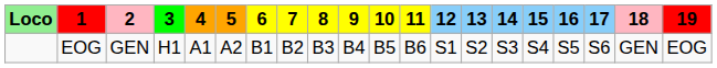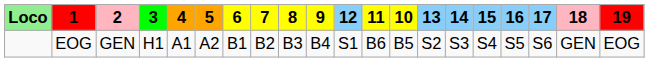 <table class="wikitable plainrowheaders unsortable" style="text-align:center">
 <tr>
 <th scope="col" rowspan="1" style="background:lightgreen;">Loco</th>
 <th scope="col" rowspan="1" style="background:red;">1</th>
 <th scope="col" rowspan="1" style="background:lightpink;">2</th>
 <th scope="col" rowspan="1" style="background:lime;">3</th>
 <th scope="col" rowspan="1" style="background:orange;">4</th>
 <th scope="col" rowspan="1" style="background:orange;">5</th>
 <th scope="col" rowspan="1" style="background:yellow;">6</th>
 <th scope="col" rowspan="1" style="background:yellow;">7</th>
 <th scope="col" rowspan="1" style="background:yellow;">8</th>
 <th scope="col" rowspan="1" style="background:yellow;">9</th>
+<th scope="col" rowspan="1" style="background:lightskyblue;">12</th>
+<th scope="col" rowspan="1" style="background:yellow;">11</th>
 <th scope="col" rowspan="1" style="background:yellow;">10</th>
-<th scope="col" rowspan="1" style="background:yellow;">11</th>
-<th scope="col" rowspan="1" style="background:lightskyblue;">12</th>
 <th scope="col" rowspan="1" style="background:lightskyblue;">13</th>
 <th scope="col" rowspan="1" style="background:lightskyblue;">14</th>
 <th scope="col" rowspan="1" style="background:lightskyblue;">15</th>
 <th scope="col" rowspan="1" style="background:lightskyblue;">16</th>
 <th scope="col" rowspan="1" style="background:lightskyblue;">17</th>
 <th scope="col" rowspan="1" style="background:lightpink;">18</th>
 <th scope="col" rowspan="1" style="background:red;">19</th>
 </tr>
 <tr>
 <td></td>
 <td>EOG</td>
 <td>GEN</td>
 <td>H1</td>
 <td>A1</td>
 <td>A2</td>
 <td>B1</td>
 <td>B2</td>
 <td>B3</td>
 <td>B4</td>
+<td>S1</td>
+<td>B6</td>
 <td>B5</td>
-<td>B6</td>
-<td>S1</td>
 <td>S2</td>
 <td>S3</td>
 <td>S4</td>
 <td>S5</td>
 <td>S6</td>
 <td>GEN</td>
 <td>EOG</td>
 </tr>
 </table>
